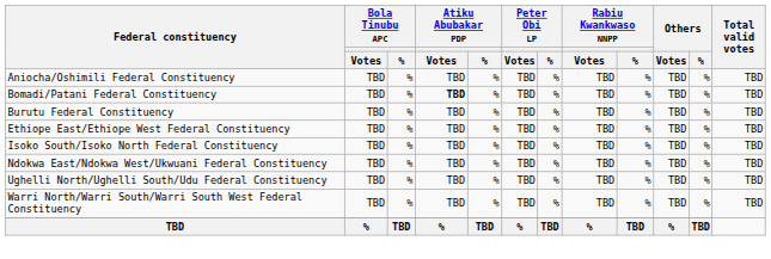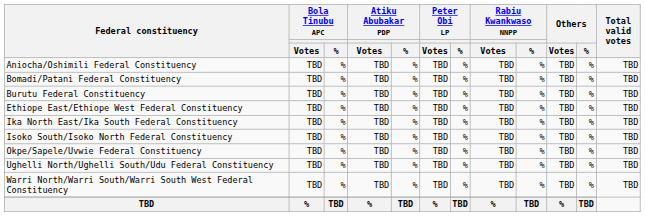 <table class="wikitable sortable" style="text-align:right; font-size:90%">
 <tr>
 <th rowspan="3" style="max-width:7.5em;">Federal constituency</th>
 <th colspan="2"><a href='#'>Bola Tinubu</a><br><small>APC</small></th>
 <th colspan="2"><a href='#'>Atiku Abubakar</a><br><small>PDP</small></th>
 <th colspan="2"><a href='#'>Peter Obi</a><br><small>LP</small></th>
 <th colspan="2"><a href='#'>Rabiu Kwankwaso</a><br><small>NNPP</small></th>
 <th colspan="2" rowspan="2">Others</th>
 <th rowspan="3" style="max-width:5em;">Total valid votes</th>
 </tr>
 <tr>
 <th colspan=2 style="background-color:"></th>
 <th colspan=2 style="background-color:"></th>
 <th colspan=2 style="background-color:"></th>
 <th colspan=2 style="background-color:"></th>
 </tr>
 <tr>
 <th>Votes</th>
 <th>%</th>
 <th>Votes</th>
 <th>%</th>
 <th>Votes</th>
 <th>%</th>
 <th>Votes</th>
 <th>%</th>
 <th>Votes</th>
 <th>%</th>
 </tr>
 <tr style="background-color:#">
 <td style="text-align:left;">Aniocha/Oshimili Federal Constituency</td>
 <td>TBD</td>
 <td>%</td>
 <td>TBD</td>
 <td>%</td>
 <td>TBD</td>
 <td>%</td>
 <td>TBD</td>
 <td>%</td>
 <td>TBD</td>
 <td>%</td>
 <td>TBD</td>
 </tr>
 <tr style="background-color:#">
 <td style="text-align:left;">Bomadi/Patani Federal Constituency</td>
 <td>TBD</td>
 <td>%</td>
-<td><strong>TBD</strong></td>
+<td>TBD</td>
 <td>%</td>
 <td>TBD</td>
 <td>%</td>
 <td>TBD</td>
 <td>%</td>
 <td>TBD</td>
 <td>%</td>
 <td>TBD</td>
 </tr>
 <tr style="background-color:#">
 <td style="text-align:left;">Burutu Federal Constituency</td>
 <td>TBD</td>
 <td>%</td>
 <td>TBD</td>
 <td>%</td>
 <td>TBD</td>
 <td>%</td>
 <td>TBD</td>
 <td>%</td>
 <td>TBD</td>
 <td>%</td>
 <td>TBD</td>
 </tr>
 <tr style="background-color:#">
 <td style="text-align:left;">Ethiope East/Ethiope West Federal Constituency</td>
 <td>TBD</td>
 <td>%</td>
 <td>TBD</td>
 <td>%</td>
 <td>TBD</td>
 <td>%</td>
 <td>TBD</td>
 <td>%</td>
 <td>TBD</td>
 <td>%</td>
 <td>TBD</td>
 </tr>
 <tr style="background-color:#">
+<td style="text-align:left;">Ika North East/Ika South Federal Constituency</td>
+<td>TBD</td>
+<td>%</td>
+<td>TBD</td>
+<td>%</td>
+<td>TBD</td>
+<td>%</td>
+<td>TBD</td>
+<td>%</td>
+<td>TBD</td>
+<td>%</td>
+<td>TBD</td>
+</tr>
+<tr style="background-color:#">
 <td style="text-align:left;">Isoko South/Isoko North Federal Constituency</td>
 <td>TBD</td>
 <td>%</td>
 <td>TBD</td>
 <td>%</td>
 <td>TBD</td>
 <td>%</td>
 <td>TBD</td>
 <td>%</td>
 <td>TBD</td>
 <td>%</td>
 <td>TBD</td>
 </tr>
 <tr style="background-color:#">
-<td style="text-align:left;">Ndokwa East/Ndokwa West/Ukwuani Federal Constituency</td>
+<td style="text-align:left;">Okpe/Sapele/Uvwie Federal Constituency</td>
 <td>TBD</td>
 <td>%</td>
 <td>TBD</td>
 <td>%</td>
 <td>TBD</td>
 <td>%</td>
 <td>TBD</td>
 <td>%</td>
 <td>TBD</td>
 <td>%</td>
 <td>TBD</td>
 </tr>
 <tr style="background-color:#">
 <td style="text-align:left;">Ughelli North/Ughelli South/Udu Federal Constituency</td>
 <td>TBD</td>
 <td>%</td>
 <td>TBD</td>
 <td>%</td>
 <td>TBD</td>
 <td>%</td>
 <td>TBD</td>
 <td>%</td>
 <td>TBD</td>
 <td>%</td>
 <td>TBD</td>
 </tr>
 <tr style="background-color:#">
 <td style="text-align:left;">Warri North/Warri South/Warri South West Federal Constituency</td>
 <td>TBD</td>
 <td>%</td>
 <td>TBD</td>
 <td>%</td>
 <td>TBD</td>
 <td>%</td>
 <td>TBD</td>
 <td>%</td>
 <td>TBD</td>
 <td>%</td>
 <td>TBD</td>
 </tr>
 <tr>
 </tr>
 <tr>
 <th>TBD</th>
 <th>%</th>
 <th>TBD</th>
 <th>%</th>
 <th>TBD</th>
 <th>%</th>
 <th>TBD</th>
 <th>%</th>
 <th>TBD</th>
 <th>%</th>
 <th>TBD</th>
 </tr>
 </table>
